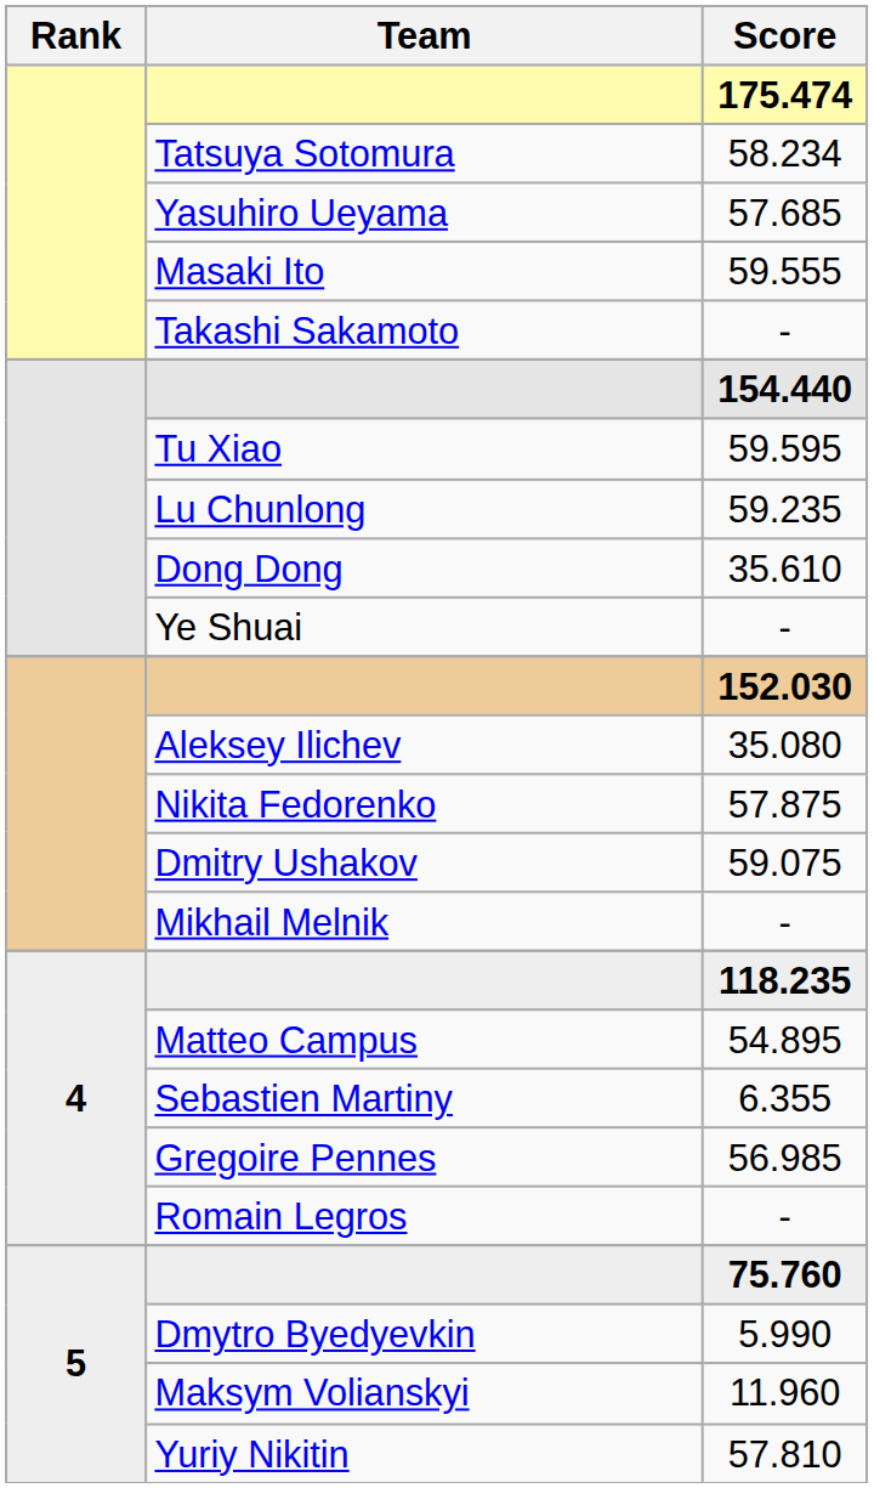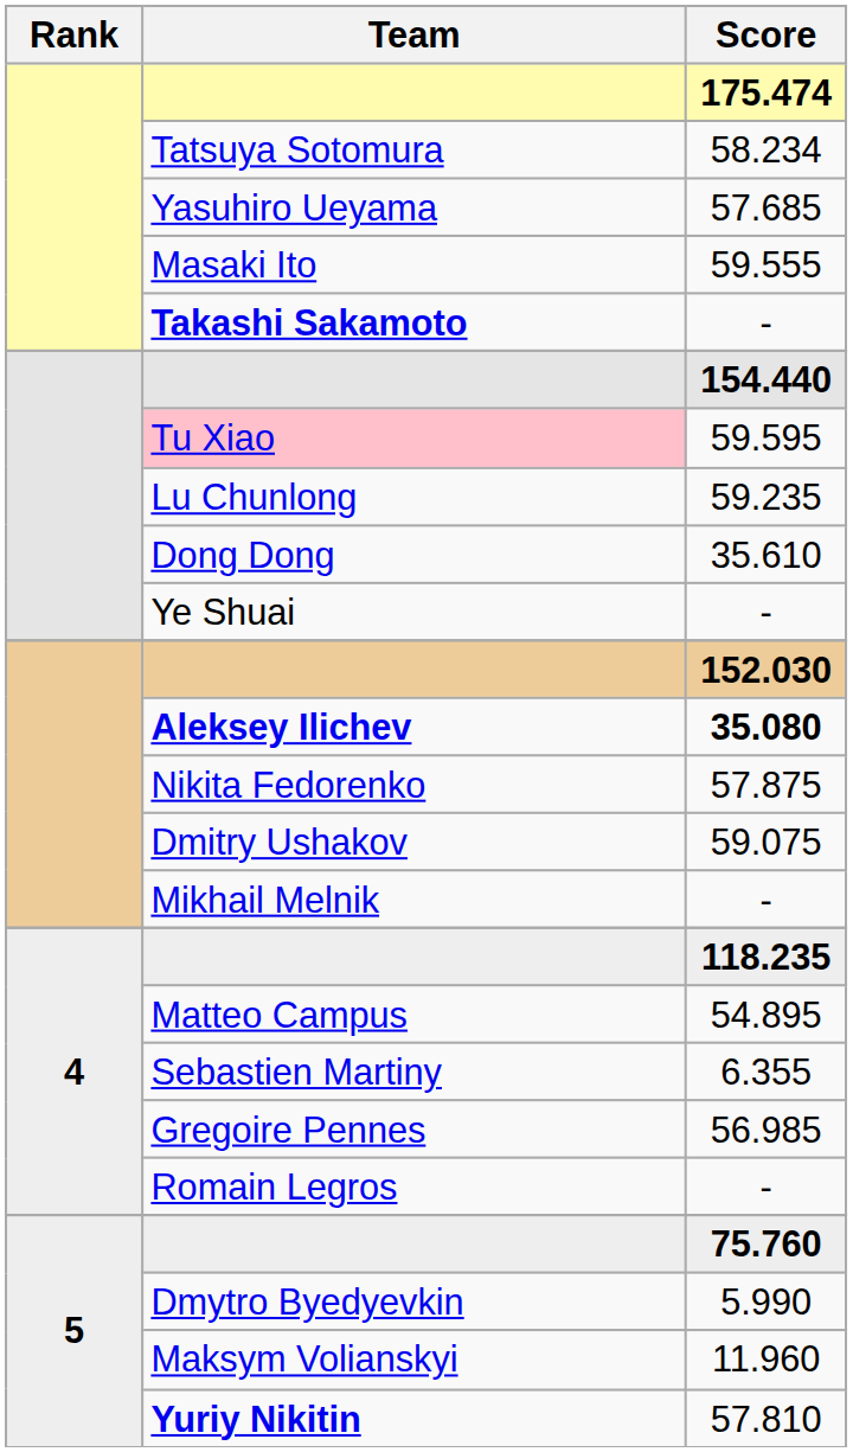 <table class="wikitable" style="text-align:center; font-size:95%">
 <tr>
 <th style="width:50px;">Rank</th>
 <th style="width:220px;">Team</th>
 <th style="width:60px;">Score</th>
 </tr>
 <tr style="background:#fffcaf;">
 <td rowspan=5></td>
 <td style="text-align:left;"><strong></strong></td>
 <td><strong>175.474</strong></td>
 </tr>
 <tr>
 <td style="text-align:left;"><a href='#'>Tatsuya Sotomura</a></td>
 <td>58.234</td>
 </tr>
 <tr>
 <td style="text-align:left;"><a href='#'>Yasuhiro Ueyama</a></td>
 <td>57.685</td>
 </tr>
 <tr>
 <td style="text-align:left;"><a href='#'>Masaki Ito</a></td>
 <td>59.555</td>
 </tr>
 <tr>
-<td style="text-align:left;"><a href='#'>Takashi Sakamoto</a></td>
+<td style="text-align:left;"><strong><a href='#'>Takashi Sakamoto</a></strong></td>
 <td>-</td>
 </tr>
 <tr>
 </tr>
 <tr style="background:#e5e5e5;">
 <td rowspan=5></td>
 <td style="text-align:left;"><strong></strong></td>
 <td><strong>154.440</strong></td>
 </tr>
 <tr>
-<td style="text-align:left;"><a href='#'>Tu Xiao</a></td>
+<td style="background: pink; text-align:left;"><a href='#'>Tu Xiao</a></td>
 <td>59.595</td>
 </tr>
 <tr>
 <td style="text-align:left;"><a href='#'>Lu Chunlong</a></td>
 <td>59.235</td>
 </tr>
 <tr>
 <td style="text-align:left;"><a href='#'>Dong Dong</a></td>
 <td>35.610</td>
 </tr>
 <tr>
 <td style="text-align:left;">Ye Shuai</td>
 <td>-</td>
 </tr>
 <tr>
 </tr>
 <tr style="background:#ec9;">
 <td rowspan=5></td>
 <td style="text-align:left;"><strong></strong></td>
 <td><strong>152.030</strong></td>
 </tr>
 <tr>
-<td style="text-align:left;"><a href='#'>Aleksey Ilichev</a></td>
-<td>35.080</td>
+<td style="text-align:left;"><strong><a href='#'>Aleksey Ilichev</a></strong></td>
+<td><strong>35.080</strong></td>
 </tr>
 <tr>
 <td style="text-align:left;"><a href='#'>Nikita Fedorenko</a></td>
 <td>57.875</td>
 </tr>
 <tr>
 <td style="text-align:left;"><a href='#'>Dmitry Ushakov</a></td>
 <td>59.075</td>
 </tr>
 <tr>
 <td style="text-align:left;"><a href='#'>Mikhail Melnik</a></td>
 <td>-</td>
 </tr>
 <tr>
 </tr>
 <tr style="background:#eee;">
 <td rowspan=5><strong>4</strong></td>
 <td style="text-align:left;"><strong></strong></td>
 <td><strong>118.235</strong></td>
 </tr>
 <tr>
 <td style="text-align:left;"><a href='#'>Matteo Campus</a></td>
 <td>54.895</td>
 </tr>
 <tr>
 <td style="text-align:left;"><a href='#'>Sebastien Martiny</a></td>
 <td>6.355</td>
 </tr>
 <tr>
 <td style="text-align:left;"><a href='#'>Gregoire Pennes</a></td>
 <td>56.985</td>
 </tr>
 <tr>
 <td style="text-align:left;"><a href='#'>Romain Legros</a></td>
 <td>-</td>
 </tr>
 <tr>
 </tr>
 <tr style="background:#eee;">
 <td rowspan=4><strong>5</strong></td>
 <td style="text-align:left;"><strong></strong></td>
 <td><strong>75.760</strong></td>
 </tr>
 <tr>
 <td style="text-align:left;"><a href='#'>Dmytro Byedyevkin</a></td>
 <td>5.990</td>
 </tr>
 <tr>
 <td style="text-align:left;"><a href='#'>Maksym Volianskyi</a></td>
 <td>11.960</td>
 </tr>
 <tr>
-<td style="text-align:left;"><a href='#'>Yuriy Nikitin</a></td>
+<td style="text-align:left;"><strong><a href='#'>Yuriy Nikitin</a></strong></td>
 <td>57.810</td>
 </tr>
 <tr>
 </tr>
 </table>
